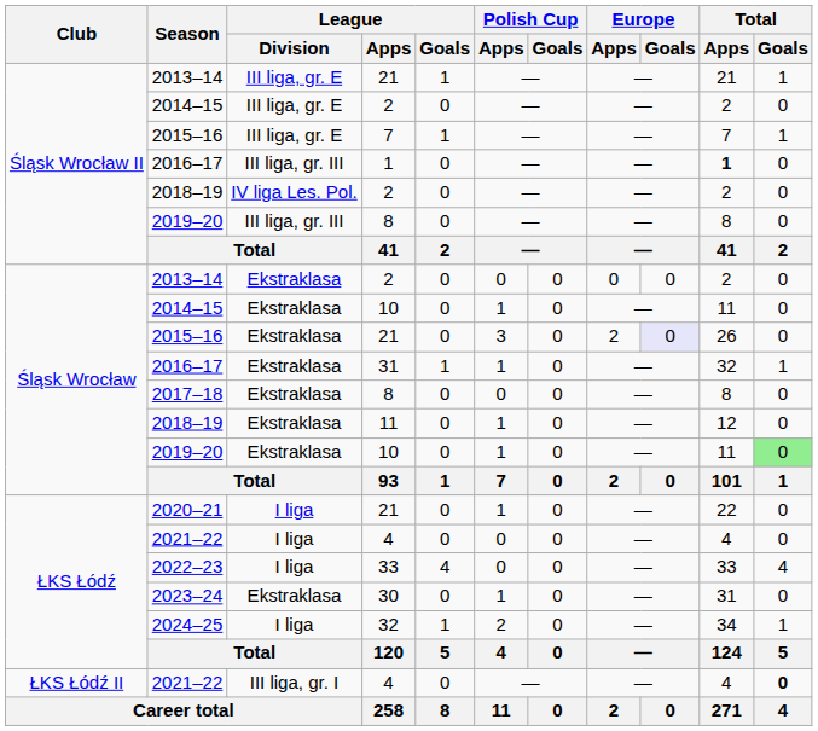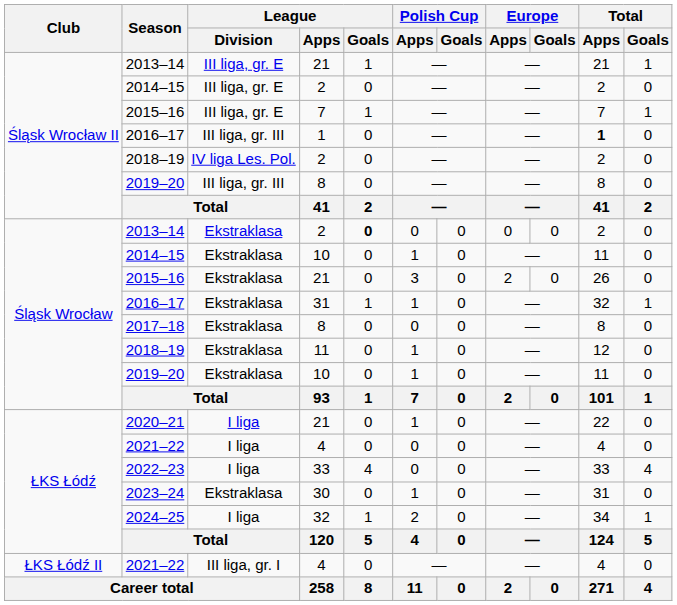 <table class="wikitable" style="text-align: center;">
 <tr>
 <th rowspan="2">Club</th>
 <th rowspan="2">Season</th>
 <th colspan="3">League</th>
 <th colspan="2"><a href='#'>Polish Cup</a></th>
 <th colspan="2"><a href='#'>Europe</a></th>
 <th colspan="2">Total</th>
 </tr>
 <tr>
 <th>Division</th>
 <th>Apps</th>
 <th>Goals</th>
 <th>Apps</th>
 <th>Goals</th>
 <th>Apps</th>
 <th>Goals</th>
 <th>Apps</th>
 <th>Goals</th>
 </tr>
 <tr>
 <td rowspan="7"><a href='#'>Śląsk Wrocław II</a></td>
 <td>2013–14</td>
 <td><a href='#'>III liga, gr. E</a></td>
 <td>21</td>
 <td>1</td>
 <td colspan="2">—</td>
 <td colspan="2">—</td>
 <td>21</td>
 <td>1</td>
 </tr>
 <tr>
 <td>2014–15</td>
 <td>III liga, gr. E</td>
 <td>2</td>
 <td>0</td>
 <td colspan="2">—</td>
 <td colspan="2">—</td>
 <td>2</td>
 <td>0</td>
 </tr>
 <tr>
 <td>2015–16</td>
 <td>III liga, gr. E</td>
 <td>7</td>
 <td>1</td>
 <td colspan="2">—</td>
 <td colspan="2">—</td>
 <td>7</td>
 <td>1</td>
 </tr>
 <tr>
 <td>2016–17</td>
 <td>III liga, gr. III</td>
 <td>1</td>
 <td>0</td>
 <td colspan="2">—</td>
 <td colspan="2">—</td>
 <td><strong>1</strong></td>
 <td>0</td>
 </tr>
 <tr>
 <td>2018–19</td>
 <td><a href='#'>IV liga Les. Pol.</a></td>
 <td>2</td>
 <td>0</td>
 <td colspan="2">—</td>
 <td colspan="2">—</td>
 <td>2</td>
 <td>0</td>
 </tr>
 <tr>
 <td><a href='#'>2019–20</a></td>
 <td>III liga, gr. III</td>
 <td>8</td>
 <td>0</td>
 <td colspan="2">—</td>
 <td colspan="2">—</td>
 <td>8</td>
 <td>0</td>
 </tr>
 <tr>
 <th colspan="2">Total</th>
 <th>41</th>
 <th>2</th>
 <th colspan="2">—</th>
 <th colspan="2">—</th>
 <th>41</th>
 <th>2</th>
 </tr>
 <tr>
 <td rowspan="8"><a href='#'>Śląsk Wrocław</a></td>
 <td><a href='#'>2013–14</a></td>
 <td><a href='#'>Ekstraklasa</a></td>
 <td>2</td>
-<td>0</td>
+<td><strong>0</strong></td>
 <td>0</td>
 <td>0</td>
 <td>0</td>
 <td>0</td>
 <td>2</td>
 <td>0</td>
 </tr>
 <tr>
 <td><a href='#'>2014–15</a></td>
 <td>Ekstraklasa</td>
 <td>10</td>
 <td>0</td>
 <td>1</td>
 <td>0</td>
 <td colspan="2">—</td>
 <td>11</td>
 <td>0</td>
 </tr>
 <tr>
 <td><a href='#'>2015–16</a></td>
 <td>Ekstraklasa</td>
 <td>21</td>
 <td>0</td>
 <td>3</td>
 <td>0</td>
 <td>2</td>
-<td style="background: lavender;">0</td>
+<td>0</td>
 <td>26</td>
 <td>0</td>
 </tr>
 <tr>
 <td><a href='#'>2016–17</a></td>
 <td>Ekstraklasa</td>
 <td>31</td>
 <td>1</td>
 <td>1</td>
 <td>0</td>
 <td colspan="2">—</td>
 <td>32</td>
 <td>1</td>
 </tr>
 <tr>
 <td><a href='#'>2017–18</a></td>
 <td>Ekstraklasa</td>
 <td>8</td>
 <td>0</td>
 <td>0</td>
 <td>0</td>
 <td colspan="2">—</td>
 <td>8</td>
 <td>0</td>
 </tr>
 <tr>
 <td><a href='#'>2018–19</a></td>
 <td>Ekstraklasa</td>
 <td>11</td>
 <td>0</td>
 <td>1</td>
 <td>0</td>
 <td colspan="2">—</td>
 <td>12</td>
 <td>0</td>
 </tr>
 <tr>
 <td><a href='#'>2019–20</a></td>
 <td>Ekstraklasa</td>
 <td>10</td>
 <td>0</td>
 <td>1</td>
 <td>0</td>
 <td colspan="2">—</td>
 <td>11</td>
-<td style="background: lightgreen;">0</td>
+<td>0</td>
 </tr>
 <tr>
 <th colspan="2">Total</th>
 <th>93</th>
 <th>1</th>
 <th>7</th>
 <th>0</th>
 <th>2</th>
 <th>0</th>
 <th>101</th>
 <th>1</th>
 </tr>
 <tr>
 <td rowspan="6"><a href='#'>ŁKS Łódź</a></td>
 <td><a href='#'>2020–21</a></td>
 <td><a href='#'>I liga</a></td>
 <td>21</td>
 <td>0</td>
 <td>1</td>
 <td>0</td>
 <td colspan="2">—</td>
 <td>22</td>
 <td>0</td>
 </tr>
 <tr>
 <td><a href='#'>2021–22</a></td>
 <td>I liga</td>
 <td>4</td>
 <td>0</td>
 <td>0</td>
 <td>0</td>
 <td colspan="2">—</td>
 <td>4</td>
 <td>0</td>
 </tr>
 <tr>
 <td><a href='#'>2022–23</a></td>
 <td>I liga</td>
 <td>33</td>
 <td>4</td>
 <td>0</td>
 <td>0</td>
 <td colspan="2">—</td>
 <td>33</td>
 <td>4</td>
 </tr>
 <tr>
 <td><a href='#'>2023–24</a></td>
 <td>Ekstraklasa</td>
 <td>30</td>
 <td>0</td>
 <td>1</td>
 <td>0</td>
 <td colspan="2">—</td>
 <td>31</td>
 <td>0</td>
 </tr>
 <tr>
 <td><a href='#'>2024–25</a></td>
 <td>I liga</td>
 <td>32</td>
 <td>1</td>
 <td>2</td>
 <td>0</td>
 <td colspan="2">—</td>
 <td>34</td>
 <td>1</td>
 </tr>
 <tr>
 <th colspan="2">Total</th>
 <th>120</th>
 <th>5</th>
 <th>4</th>
 <th>0</th>
 <th colspan="2">—</th>
 <th>124</th>
 <th>5</th>
 </tr>
 <tr>
 <td><a href='#'>ŁKS Łódź II</a></td>
 <td><a href='#'>2021–22</a></td>
 <td>III liga, gr. I</td>
 <td>4</td>
 <td>0</td>
 <td colspan="2">—</td>
 <td colspan="2">—</td>
 <td>4</td>
-<td><strong>0</strong></td>
+<td>0</td>
 </tr>
 <tr>
 <th colspan="3">Career total</th>
 <th>258</th>
 <th>8</th>
 <th>11</th>
 <th>0</th>
 <th>2</th>
 <th>0</th>
 <th>271</th>
 <th>4</th>
 </tr>
 </table>
